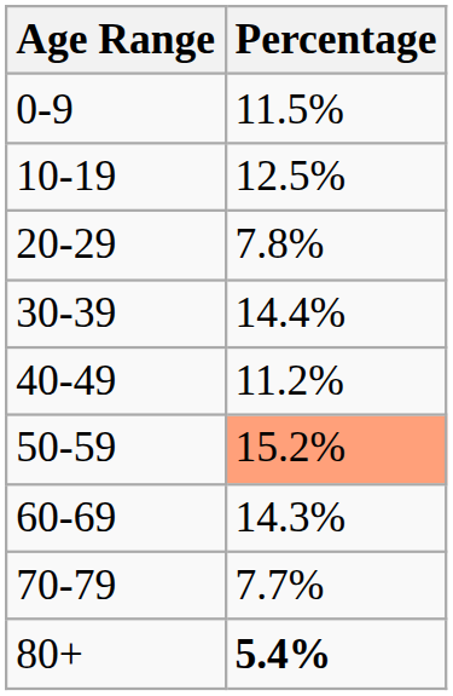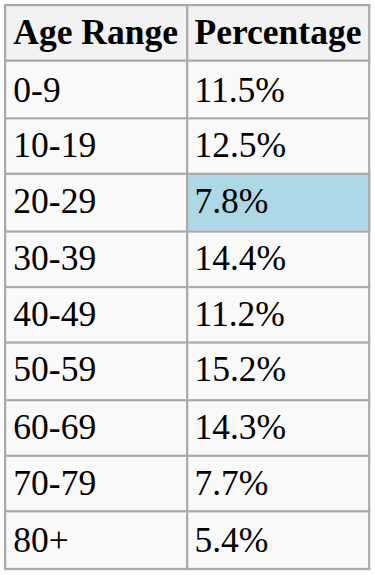 <table class="wikitable">
 <tr>
 <th>Age Range</th>
 <th>Percentage</th>
 </tr>
 <tr>
 <td>0-9</td>
 <td>11.5%</td>
 </tr>
 <tr>
 <td>10-19</td>
 <td>12.5%</td>
 </tr>
 <tr>
 <td>20-29</td>
-<td>7.8%</td>
+<td style="background: lightblue;">7.8%</td>
 </tr>
 <tr>
 <td>30-39</td>
 <td>14.4%</td>
 </tr>
 <tr>
 <td>40-49</td>
 <td>11.2%</td>
 </tr>
 <tr>
 <td>50-59</td>
-<td style="background: lightsalmon;">15.2%</td>
+<td>15.2%</td>
 </tr>
 <tr>
 <td>60-69</td>
 <td>14.3%</td>
 </tr>
 <tr>
 <td>70-79</td>
 <td>7.7%</td>
 </tr>
 <tr>
 <td>80+</td>
-<td><strong>5.4%</strong></td>
+<td>5.4%</td>
 </tr>
 </table>
